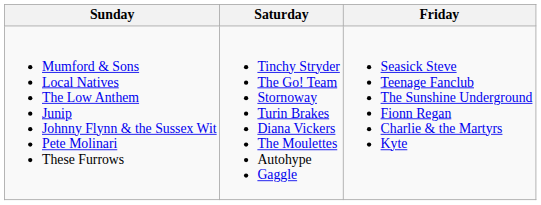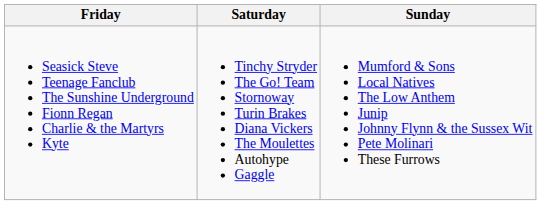 <table class="wikitable">
 <tr>
+<th>Friday</th>
+<th>Saturday</th>
 <th>Sunday</th>
-<th>Saturday</th>
-<th>Friday</th>
 </tr>
 <tr>
+<td valign=top><br><ul><li><a href='#'>Seasick Steve</a></li><li><a href='#'>Teenage Fanclub</a></li><li><a href='#'>The Sunshine Underground</a></li><li><a href='#'>Fionn Regan</a></li><li><a href='#'>Charlie & the Martyrs</a></li><li><a href='#'>Kyte</a></li></ul></td>
+<td valign=top><br><ul><li><a href='#'>Tinchy Stryder</a></li><li><a href='#'>The Go! Team</a></li><li><a href='#'>Stornoway</a></li><li><a href='#'>Turin Brakes</a></li><li><a href='#'>Diana Vickers</a></li><li><a href='#'>The Moulettes</a></li><li>Autohype</li><li><a href='#'>Gaggle</a></li></ul></td>
 <td valign=top><br><ul><li><a href='#'>Mumford & Sons</a></li><li><a href='#'>Local Natives</a></li><li><a href='#'>The Low Anthem</a></li><li><a href='#'>Junip</a></li><li><a href='#'>Johnny Flynn & the Sussex Wit</a></li><li><a href='#'>Pete Molinari</a></li><li>These Furrows</li></ul></td>
-<td valign=top><br><ul><li><a href='#'>Tinchy Stryder</a></li><li><a href='#'>The Go! Team</a></li><li><a href='#'>Stornoway</a></li><li><a href='#'>Turin Brakes</a></li><li><a href='#'>Diana Vickers</a></li><li><a href='#'>The Moulettes</a></li><li>Autohype</li><li><a href='#'>Gaggle</a></li></ul></td>
-<td valign=top><br><ul><li><a href='#'>Seasick Steve</a></li><li><a href='#'>Teenage Fanclub</a></li><li><a href='#'>The Sunshine Underground</a></li><li><a href='#'>Fionn Regan</a></li><li><a href='#'>Charlie & the Martyrs</a></li><li><a href='#'>Kyte</a></li></ul></td>
 </tr>
 </table>
